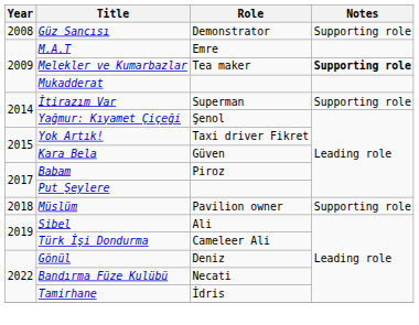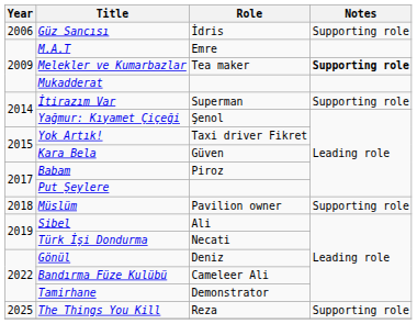 <table class="wikitable">
 <tr>
 <th>Year</th>
 <th>Title</th>
 <th>Role</th>
 <th>Notes</th>
 </tr>
 <tr>
-<td>2008</td>
+<td>2006</td>
 <td><em><a href='#'>Güz Sancısı</a></em></td>
-<td>Demonstrator</td>
+<td>İdris</td>
 <td>Supporting role</td>
 </tr>
 <tr>
 <td rowspan=3>2009</td>
 <td><em><a href='#'>M.A.T</a></em></td>
 <td>Emre</td>
 <td></td>
 </tr>
 <tr>
 <td><em><a href='#'>Melekler ve Kumarbazlar</a></em></td>
 <td>Tea maker</td>
 <td><strong>Supporting role</strong></td>
 </tr>
 <tr>
 <td><em><a href='#'>Mukadderat</a></em></td>
 <td></td>
 <td></td>
 </tr>
 <tr>
 <td rowspan=2>2014</td>
 <td><em><a href='#'>İtirazım Var</a></em></td>
 <td>Superman</td>
 <td>Supporting role</td>
 </tr>
 <tr>
 <td><em><a href='#'>Yağmur: Kıyamet Çiçeği</a></em></td>
 <td>Şenol</td>
 <td rowspan=5>Leading role</td>
 </tr>
 <tr>
 <td rowspan=2>2015</td>
 <td><em><a href='#'>Yok Artık!</a></em></td>
 <td>Taxi driver Fikret</td>
 </tr>
 <tr>
 <td><em><a href='#'>Kara Bela</a></em></td>
 <td>Güven</td>
 </tr>
 <tr>
 <td rowspan=2>2017</td>
 <td><em><a href='#'>Babam</a></em></td>
 <td>Piroz</td>
 </tr>
 <tr>
 <td><em><a href='#'>Put Şeylere</a></em></td>
 <td></td>
 </tr>
 <tr>
 <td>2018</td>
 <td><em><a href='#'>Müslüm</a></em></td>
 <td>Pavilion owner</td>
 <td>Supporting role</td>
 </tr>
 <tr>
 <td rowspan=2>2019</td>
 <td><em><a href='#'>Sibel</a></em></td>
 <td>Ali</td>
 <td rowspan="5">Leading role</td>
 </tr>
 <tr>
 <td><em><a href='#'>Türk İşi Dondurma</a></em></td>
-<td>Cameleer Ali</td>
+<td>Necati</td>
 </tr>
 <tr>
 <td rowspan="3">2022</td>
 <td><em><a href='#'>Gönül</a></em></td>
 <td>Deniz</td>
 </tr>
 <tr>
 <td><em><a href='#'>Bandırma Füze Kulübü</a></em></td>
-<td>Necati</td>
+<td>Cameleer Ali</td>
 </tr>
 <tr>
 <td><em><a href='#'>Tamirhane</a></em></td>
-<td>İdris</td>
+<td>Demonstrator</td>
+</tr>
+<tr>
+<td>2025</td>
+<td><em><a href='#'>The Things You Kill</a></em></td>
+<td>Reza</td>
+<td>Supporting role</td>
 </tr>
 <tr>
 </tr>
 </table>
